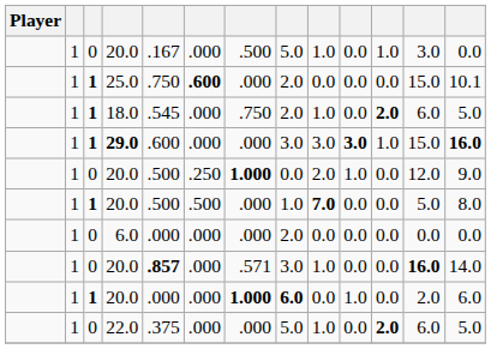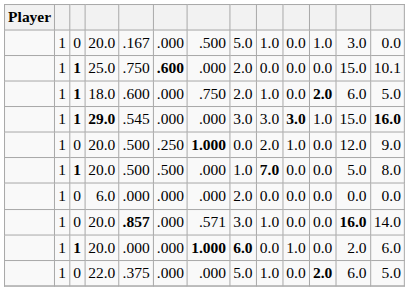 <table class="wikitable sortable" style="font-size:95%; text-align:right">
 <tr>
 <th>Player</th>
 <th></th>
 <th></th>
 <th></th>
 <th></th>
 <th></th>
 <th></th>
 <th></th>
 <th></th>
 <th></th>
 <th></th>
 <th></th>
 <th></th>
 </tr>
 <tr>
 <td><strong></strong></td>
 <td>1</td>
 <td>0</td>
 <td>20.0</td>
 <td>.167</td>
 <td>.000</td>
 <td>.500</td>
 <td>5.0</td>
 <td>1.0</td>
 <td>0.0</td>
 <td>1.0</td>
 <td>3.0</td>
 <td>0.0</td>
 </tr>
 <tr>
 <td><strong></strong></td>
 <td>1</td>
 <td><strong>1</strong></td>
 <td>25.0</td>
 <td>.750</td>
 <td><strong>.600</strong></td>
 <td>.000</td>
 <td>2.0</td>
 <td>0.0</td>
 <td>0.0</td>
 <td>0.0</td>
 <td>15.0</td>
 <td>10.1</td>
 </tr>
 <tr>
 <td><strong></strong></td>
 <td>1</td>
 <td><strong>1</strong></td>
 <td>18.0</td>
-<td>.545</td>
+<td>.600</td>
 <td>.000</td>
 <td>.750</td>
 <td>2.0</td>
 <td>1.0</td>
 <td>0.0</td>
 <td><strong>2.0</strong></td>
 <td>6.0</td>
 <td>5.0</td>
 </tr>
 <tr>
 <td><strong></strong></td>
 <td>1</td>
 <td><strong>1</strong></td>
 <td><strong>29.0</strong></td>
-<td>.600</td>
+<td>.545</td>
 <td>.000</td>
 <td>.000</td>
 <td>3.0</td>
 <td>3.0</td>
 <td><strong>3.0</strong></td>
 <td>1.0</td>
 <td>15.0</td>
 <td><strong>16.0</strong></td>
 </tr>
 <tr>
 <td><strong></strong></td>
 <td>1</td>
 <td>0</td>
 <td>20.0</td>
 <td>.500</td>
 <td>.250</td>
 <td><strong>1.000</strong></td>
 <td>0.0</td>
 <td>2.0</td>
 <td>1.0</td>
 <td>0.0</td>
 <td>12.0</td>
 <td>9.0</td>
 </tr>
 <tr>
 <td><strong></strong></td>
 <td>1</td>
 <td><strong>1</strong></td>
 <td>20.0</td>
 <td>.500</td>
 <td>.500</td>
 <td>.000</td>
 <td>1.0</td>
 <td><strong>7.0</strong></td>
 <td>0.0</td>
 <td>0.0</td>
 <td>5.0</td>
 <td>8.0</td>
 </tr>
 <tr>
 <td><strong></strong></td>
 <td>1</td>
 <td>0</td>
 <td>6.0</td>
 <td>.000</td>
 <td>.000</td>
 <td>.000</td>
 <td>2.0</td>
 <td>0.0</td>
 <td>0.0</td>
 <td>0.0</td>
 <td>0.0</td>
 <td>0.0</td>
 </tr>
 <tr>
 <td><strong></strong></td>
 <td>1</td>
 <td>0</td>
 <td>20.0</td>
 <td><strong>.857</strong></td>
 <td>.000</td>
 <td>.571</td>
 <td>3.0</td>
 <td>1.0</td>
 <td>0.0</td>
 <td>0.0</td>
 <td><strong>16.0</strong></td>
 <td>14.0</td>
 </tr>
 <tr>
 <td><strong></strong></td>
 <td>1</td>
 <td><strong>1</strong></td>
 <td>20.0</td>
 <td>.000</td>
 <td>.000</td>
 <td><strong>1.000</strong></td>
 <td><strong>6.0</strong></td>
 <td>0.0</td>
 <td>1.0</td>
 <td>0.0</td>
 <td>2.0</td>
 <td>6.0</td>
 </tr>
 <tr>
 <td><strong></strong></td>
 <td>1</td>
 <td>0</td>
 <td>22.0</td>
 <td>.375</td>
 <td>.000</td>
 <td>.000</td>
 <td>5.0</td>
 <td>1.0</td>
 <td>0.0</td>
 <td><strong>2.0</strong></td>
 <td>6.0</td>
 <td>5.0</td>
 </tr>
 <tr>
 </tr>
 </table>
